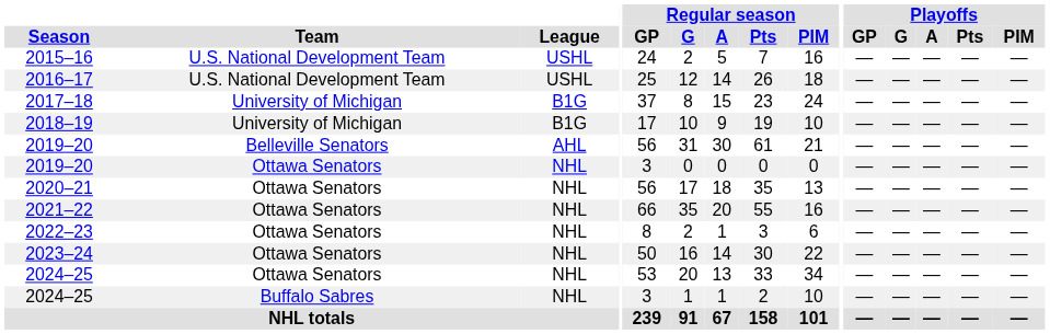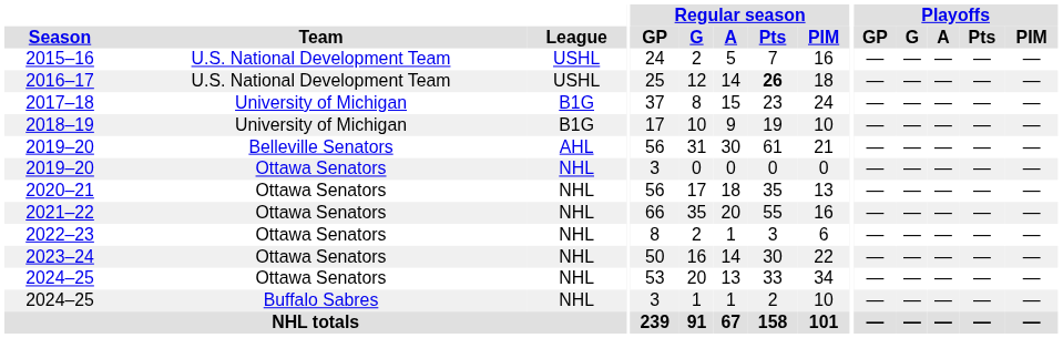 <table border="0" cellpadding="1" cellspacing="0" style="text-align:center; width:60em">
 <tr bgcolor="#e0e0e0">
 <th colspan="3" bgcolor="#ffffff"></th>
 <th rowspan="99" bgcolor="#ffffff"></th>
 <th colspan="5"><a href='#'>Regular season</a></th>
 <th rowspan="99" bgcolor="#ffffff"></th>
 <th colspan="5"><a href='#'>Playoffs</a></th>
 </tr>
 <tr bgcolor="#e0e0e0">
 <th><a href='#'>Season</a></th>
 <th>Team</th>
 <th>League</th>
 <th>GP</th>
 <th><a href='#'>G</a></th>
 <th><a href='#'>A</a></th>
 <th><a href='#'>Pts</a></th>
 <th><a href='#'>PIM</a></th>
 <th>GP</th>
 <th>G</th>
 <th>A</th>
 <th>Pts</th>
 <th>PIM</th>
 </tr>
 <tr>
 <td><a href='#'>2015–16</a></td>
 <td><a href='#'>U.S. National Development Team</a></td>
 <td><a href='#'>USHL</a></td>
 <td>24</td>
 <td>2</td>
 <td>5</td>
 <td>7</td>
 <td>16</td>
 <td>—</td>
 <td>—</td>
 <td>—</td>
 <td>—</td>
 <td>—</td>
 </tr>
 <tr bgcolor="#f0f0f0">
 <td><a href='#'>2016–17</a></td>
 <td>U.S. National Development Team</td>
 <td>USHL</td>
 <td>25</td>
 <td>12</td>
 <td>14</td>
-<td>26</td>
+<td><strong>26</strong></td>
 <td>18</td>
 <td>—</td>
 <td>—</td>
 <td>—</td>
 <td>—</td>
 <td>—</td>
 </tr>
 <tr>
 <td><a href='#'>2017–18</a></td>
 <td><a href='#'>University of Michigan</a></td>
 <td><a href='#'>B1G</a></td>
 <td>37</td>
 <td>8</td>
 <td>15</td>
 <td>23</td>
 <td>24</td>
 <td>—</td>
 <td>—</td>
 <td>—</td>
 <td>—</td>
 <td>—</td>
 </tr>
 <tr bgcolor="#f0f0f0">
 <td><a href='#'>2018–19</a></td>
 <td>University of Michigan</td>
 <td>B1G</td>
 <td>17</td>
 <td>10</td>
 <td>9</td>
 <td>19</td>
 <td>10</td>
 <td>—</td>
 <td>—</td>
 <td>—</td>
 <td>—</td>
 <td>—</td>
 </tr>
 <tr>
 <td><a href='#'>2019–20</a></td>
 <td><a href='#'>Belleville Senators</a></td>
 <td><a href='#'>AHL</a></td>
 <td>56</td>
 <td>31</td>
 <td>30</td>
 <td>61</td>
 <td>21</td>
 <td>—</td>
 <td>—</td>
 <td>—</td>
 <td>—</td>
 <td>—</td>
 </tr>
 <tr bgcolor="#f0f0f0">
 <td><a href='#'>2019–20</a></td>
 <td><a href='#'>Ottawa Senators</a></td>
 <td><a href='#'>NHL</a></td>
 <td>3</td>
 <td>0</td>
 <td>0</td>
 <td>0</td>
 <td>0</td>
 <td>—</td>
 <td>—</td>
 <td>—</td>
 <td>—</td>
 <td>—</td>
 </tr>
 <tr>
 <td><a href='#'>2020–21</a></td>
 <td>Ottawa Senators</td>
 <td>NHL</td>
 <td>56</td>
 <td>17</td>
 <td>18</td>
 <td>35</td>
 <td>13</td>
 <td>—</td>
 <td>—</td>
 <td>—</td>
 <td>—</td>
 <td>—</td>
 </tr>
 <tr bgcolor="#f0f0f0">
 <td><a href='#'>2021–22</a></td>
 <td>Ottawa Senators</td>
 <td>NHL</td>
 <td>66</td>
 <td>35</td>
 <td>20</td>
 <td>55</td>
 <td>16</td>
 <td>—</td>
 <td>—</td>
 <td>—</td>
 <td>—</td>
 <td>—</td>
 </tr>
 <tr>
 <td><a href='#'>2022–23</a></td>
 <td>Ottawa Senators</td>
 <td>NHL</td>
 <td>8</td>
 <td>2</td>
 <td>1</td>
 <td>3</td>
 <td>6</td>
 <td>—</td>
 <td>—</td>
 <td>—</td>
 <td>—</td>
 <td>—</td>
 </tr>
 <tr bgcolor="#f0f0f0">
 <td><a href='#'>2023–24</a></td>
 <td>Ottawa Senators</td>
 <td>NHL</td>
 <td>50</td>
 <td>16</td>
 <td>14</td>
 <td>30</td>
 <td>22</td>
 <td>—</td>
 <td>—</td>
 <td>—</td>
 <td>—</td>
 <td>—</td>
 </tr>
 <tr>
 </tr>
 <tr>
 <td><a href='#'>2024–25</a></td>
 <td>Ottawa Senators</td>
 <td>NHL</td>
 <td>53</td>
 <td>20</td>
 <td>13</td>
 <td>33</td>
 <td>34</td>
 <td>—</td>
 <td>—</td>
 <td>—</td>
 <td>—</td>
 <td>—</td>
 </tr>
 <tr bgcolor="#f0f0f0">
 <td>2024–25</td>
 <td><a href='#'>Buffalo Sabres</a></td>
 <td>NHL</td>
 <td>3</td>
 <td>1</td>
 <td>1</td>
 <td>2</td>
 <td>10</td>
 <td>—</td>
 <td>—</td>
 <td>—</td>
 <td>—</td>
 <td>—</td>
 </tr>
 <tr bgcolor="#e0e0e0">
 <th colspan="3">NHL totals</th>
 <th>239</th>
 <th>91</th>
 <th>67</th>
 <th>158</th>
 <th>101</th>
 <th>—</th>
 <th>—</th>
 <th>—</th>
 <th>—</th>
 <th>—</th>
 </tr>
 </table>
